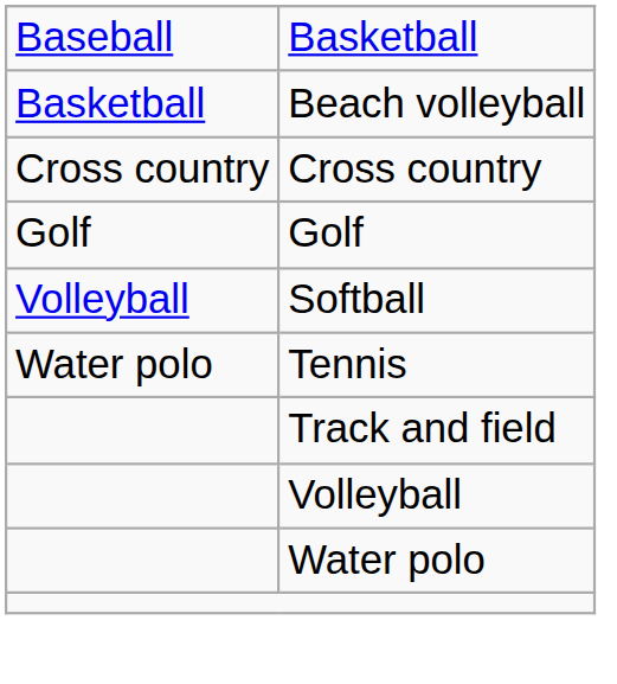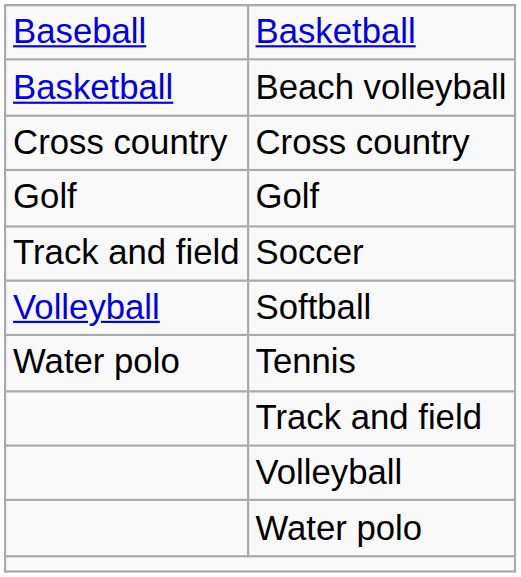 <table class="wikitable" style= " ">
 <tr>
 </tr>
 <tr>
 <td><a href='#'>Baseball</a></td>
 <td><a href='#'>Basketball</a></td>
 </tr>
 <tr>
 <td><a href='#'>Basketball</a></td>
 <td>Beach volleyball</td>
 </tr>
 <tr>
 <td>Cross country</td>
 <td>Cross country</td>
 </tr>
 <tr>
 <td>Golf</td>
 <td>Golf</td>
+</tr>
+<tr>
+<td>Track and field</td>
+<td>Soccer</td>
 </tr>
 <tr>
 <td><a href='#'>Volleyball</a></td>
 <td>Softball</td>
 </tr>
 <tr>
 <td>Water polo</td>
 <td>Tennis</td>
 </tr>
 <tr>
 <td></td>
 <td>Track and field</td>
 </tr>
 <tr>
 <td></td>
 <td>Volleyball</td>
 </tr>
 <tr>
 <td></td>
 <td>Water polo</td>
 </tr>
 <tr>
 <td colspan="2"></td>
 </tr>
 </table>
